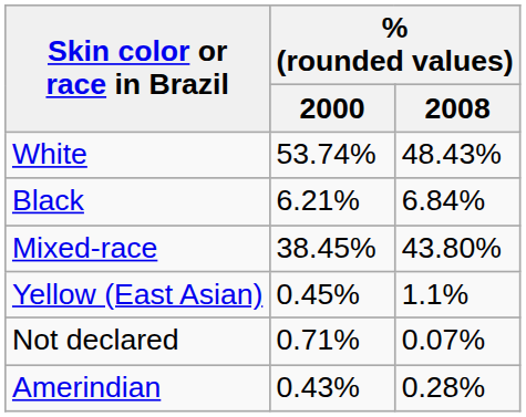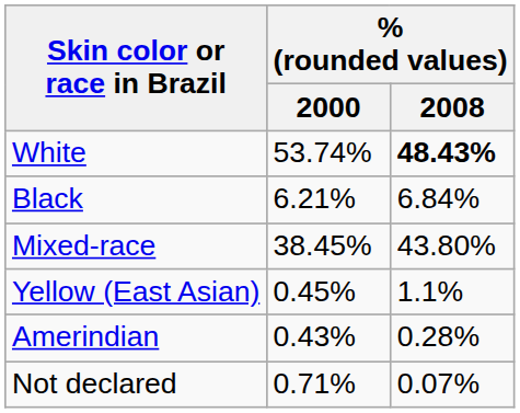 <table class="wikitable" style="float:center; border:1px #000; margin-center:1em;">
 <tr>
 <th style="background:#f0f0f0;" rowspan="2"><a href='#'>Skin color</a> or<br><a href='#'>race</a> in Brazil</th>
 <th colspan="2">%<br>(rounded values)</th>
 </tr>
 <tr>
 <th>2000</th>
 <th>2008</th>
 </tr>
 <tr>
 <td><a href='#'>White</a></td>
 <td>53.74%</td>
-<td>48.43%</td>
+<td><strong>48.43%</strong></td>
 </tr>
 <tr>
 <td><a href='#'>Black</a></td>
 <td>6.21%</td>
 <td>6.84%</td>
 </tr>
 <tr>
 <td><a href='#'>Mixed-race</a></td>
 <td>38.45%</td>
 <td>43.80%</td>
 </tr>
 <tr>
 <td><a href='#'>Yellow (East Asian)</a></td>
 <td>0.45%</td>
 <td>1.1%</td>
 </tr>
 <tr>
+<td><a href='#'>Amerindian</a></td>
+<td>0.43%</td>
+<td>0.28%</td>
+</tr>
+<tr>
 <td>Not declared</td>
 <td>0.71%</td>
 <td>0.07%</td>
 </tr>
-<tr>
-<td><a href='#'>Amerindian</a></td>
-<td>0.43%</td>
-<td>0.28%</td>
-</tr>
 </table>
